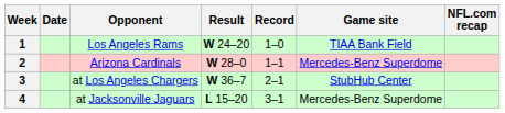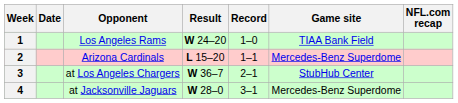 <table class="wikitable" style="text-align:center">
 <tr>
 <th>Week</th>
 <th>Date</th>
 <th>Opponent</th>
 <th>Result</th>
 <th>Record</th>
 <th>Game site</th>
 <th>NFL.com<br>recap</th>
 </tr>
 <tr style="background:#cfc">
 <th>1</th>
 <td></td>
 <td><a href='#'>Los Angeles Rams</a></td>
 <td><strong>W</strong> 24–20</td>
 <td>1–0</td>
 <td><a href='#'>TIAA Bank Field</a></td>
 <td></td>
 </tr>
 <tr style="background:#fcc">
 <th>2</th>
 <td></td>
 <td><a href='#'>Arizona Cardinals</a></td>
-<td><strong>W</strong> 28–0</td>
+<td><strong>L</strong> 15–20</td>
 <td>1–1</td>
 <td><a href='#'>Mercedes-Benz Superdome</a></td>
 <td></td>
 </tr>
 <tr style="background:#cfc">
 <th>3</th>
 <td></td>
 <td>at <a href='#'>Los Angeles Chargers</a></td>
 <td><strong>W</strong> 36–7</td>
 <td>2–1</td>
 <td><a href='#'>StubHub Center</a></td>
 <td></td>
 </tr>
 <tr style="background:#cfc">
 <th>4</th>
 <td></td>
 <td>at <a href='#'>Jacksonville Jaguars</a></td>
-<td><strong>L</strong> 15–20</td>
+<td><strong>W</strong> 28–0</td>
 <td>3–1</td>
 <td>Mercedes-Benz Superdome</td>
 <td></td>
 </tr>
 </table>
